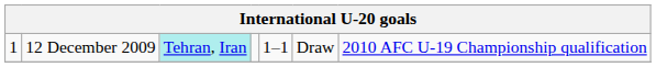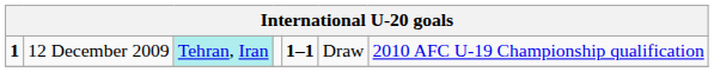 <table class="wikitable collapsible collapsed" style="font-size:90%">
 <tr>
 <th colspan="8"><strong>International U-20 goals</strong></th>
 </tr>
 <tr>
-<td>1</td>
+<td><strong>1</strong></td>
 <td>12 December 2009</td>
 <td style="background: paleturquoise;"><a href='#'>Tehran</a>, <a href='#'>Iran</a></td>
 <td></td>
-<td>1–1</td>
+<td><strong>1–1</strong></td>
 <td>Draw</td>
 <td><a href='#'>2010 AFC U-19 Championship qualification</a></td>
 </tr>
 <tr>
 </tr>
 </table>
